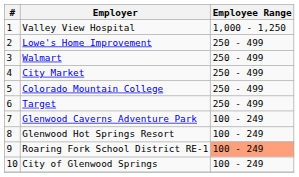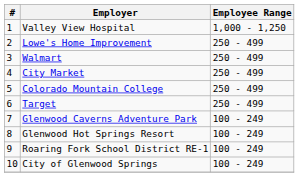 <table class="wikitable sortable">
 <tr>
 <th>#</th>
 <th>Employer</th>
 <th>Employee Range</th>
 </tr>
 <tr>
 <td>1</td>
 <td>Valley View Hospital</td>
 <td>1,000 - 1,250</td>
 </tr>
 <tr>
 <td>2</td>
 <td><a href='#'>Lowe's Home Improvement</a></td>
 <td>250 - 499</td>
 </tr>
 <tr>
 <td>3</td>
 <td><a href='#'>Walmart</a></td>
 <td>250 - 499</td>
 </tr>
 <tr>
 <td>4</td>
 <td><a href='#'>City Market</a></td>
 <td>250 - 499</td>
 </tr>
 <tr>
 <td>5</td>
 <td><a href='#'>Colorado Mountain College</a></td>
 <td>250 - 499</td>
 </tr>
 <tr>
 <td>6</td>
 <td><a href='#'>Target</a></td>
 <td>250 - 499</td>
 </tr>
 <tr>
 <td>7</td>
 <td><a href='#'>Glenwood Caverns Adventure Park</a></td>
 <td>100 - 249</td>
 </tr>
 <tr>
 <td>8</td>
 <td>Glenwood Hot Springs Resort</td>
 <td>100 - 249</td>
 </tr>
 <tr>
 <td>9</td>
 <td>Roaring Fork School District RE-1</td>
-<td style="background: lightsalmon;">100 - 249</td>
+<td>100 - 249</td>
 </tr>
 <tr>
 <td>10</td>
 <td>City of Glenwood Springs</td>
 <td>100 - 249</td>
 </tr>
 <tr>
 </tr>
 </table>
